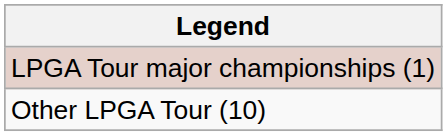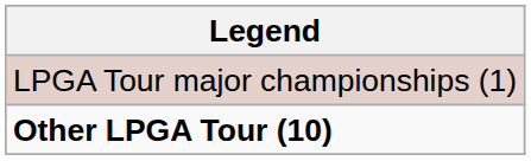 <table class="wikitable" style="font-size:95%;">
 <tr>
 <th>Legend</th>
 </tr>
 <tr style="background:#e5d1cb;">
 <td>LPGA Tour major championships (1)</td>
 </tr>
 <tr>
-<td>Other LPGA Tour (10)</td>
+<td><strong>Other LPGA Tour (10)</strong></td>
 </tr>
 </table>
